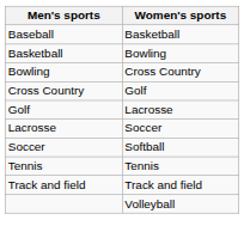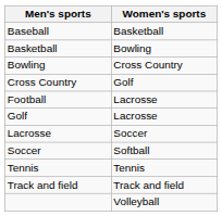 <table class="wikitable"; style="float:right; clear:right; margin-left:15px">
 <tr>
 <th width=150px>Men's sports</th>
 <th width=150px>Women's sports</th>
 </tr>
 <tr>
 <td>Baseball</td>
 <td>Basketball</td>
 </tr>
 <tr>
 <td>Basketball</td>
 <td>Bowling</td>
 </tr>
 <tr>
 <td>Bowling</td>
 <td>Cross Country</td>
 </tr>
 <tr>
 <td>Cross Country</td>
 <td>Golf</td>
+</tr>
+<tr>
+<td>Football</td>
+<td>Lacrosse</td>
 </tr>
 <tr>
 <td>Golf</td>
 <td>Lacrosse</td>
 </tr>
 <tr>
 <td>Lacrosse</td>
 <td>Soccer</td>
 </tr>
 <tr>
 <td>Soccer</td>
 <td>Softball</td>
 </tr>
 <tr>
 <td>Tennis</td>
 <td>Tennis</td>
 </tr>
 <tr>
 <td>Track and field</td>
 <td>Track and field</td>
 </tr>
 <tr>
 <td></td>
 <td>Volleyball</td>
 </tr>
 </table>
